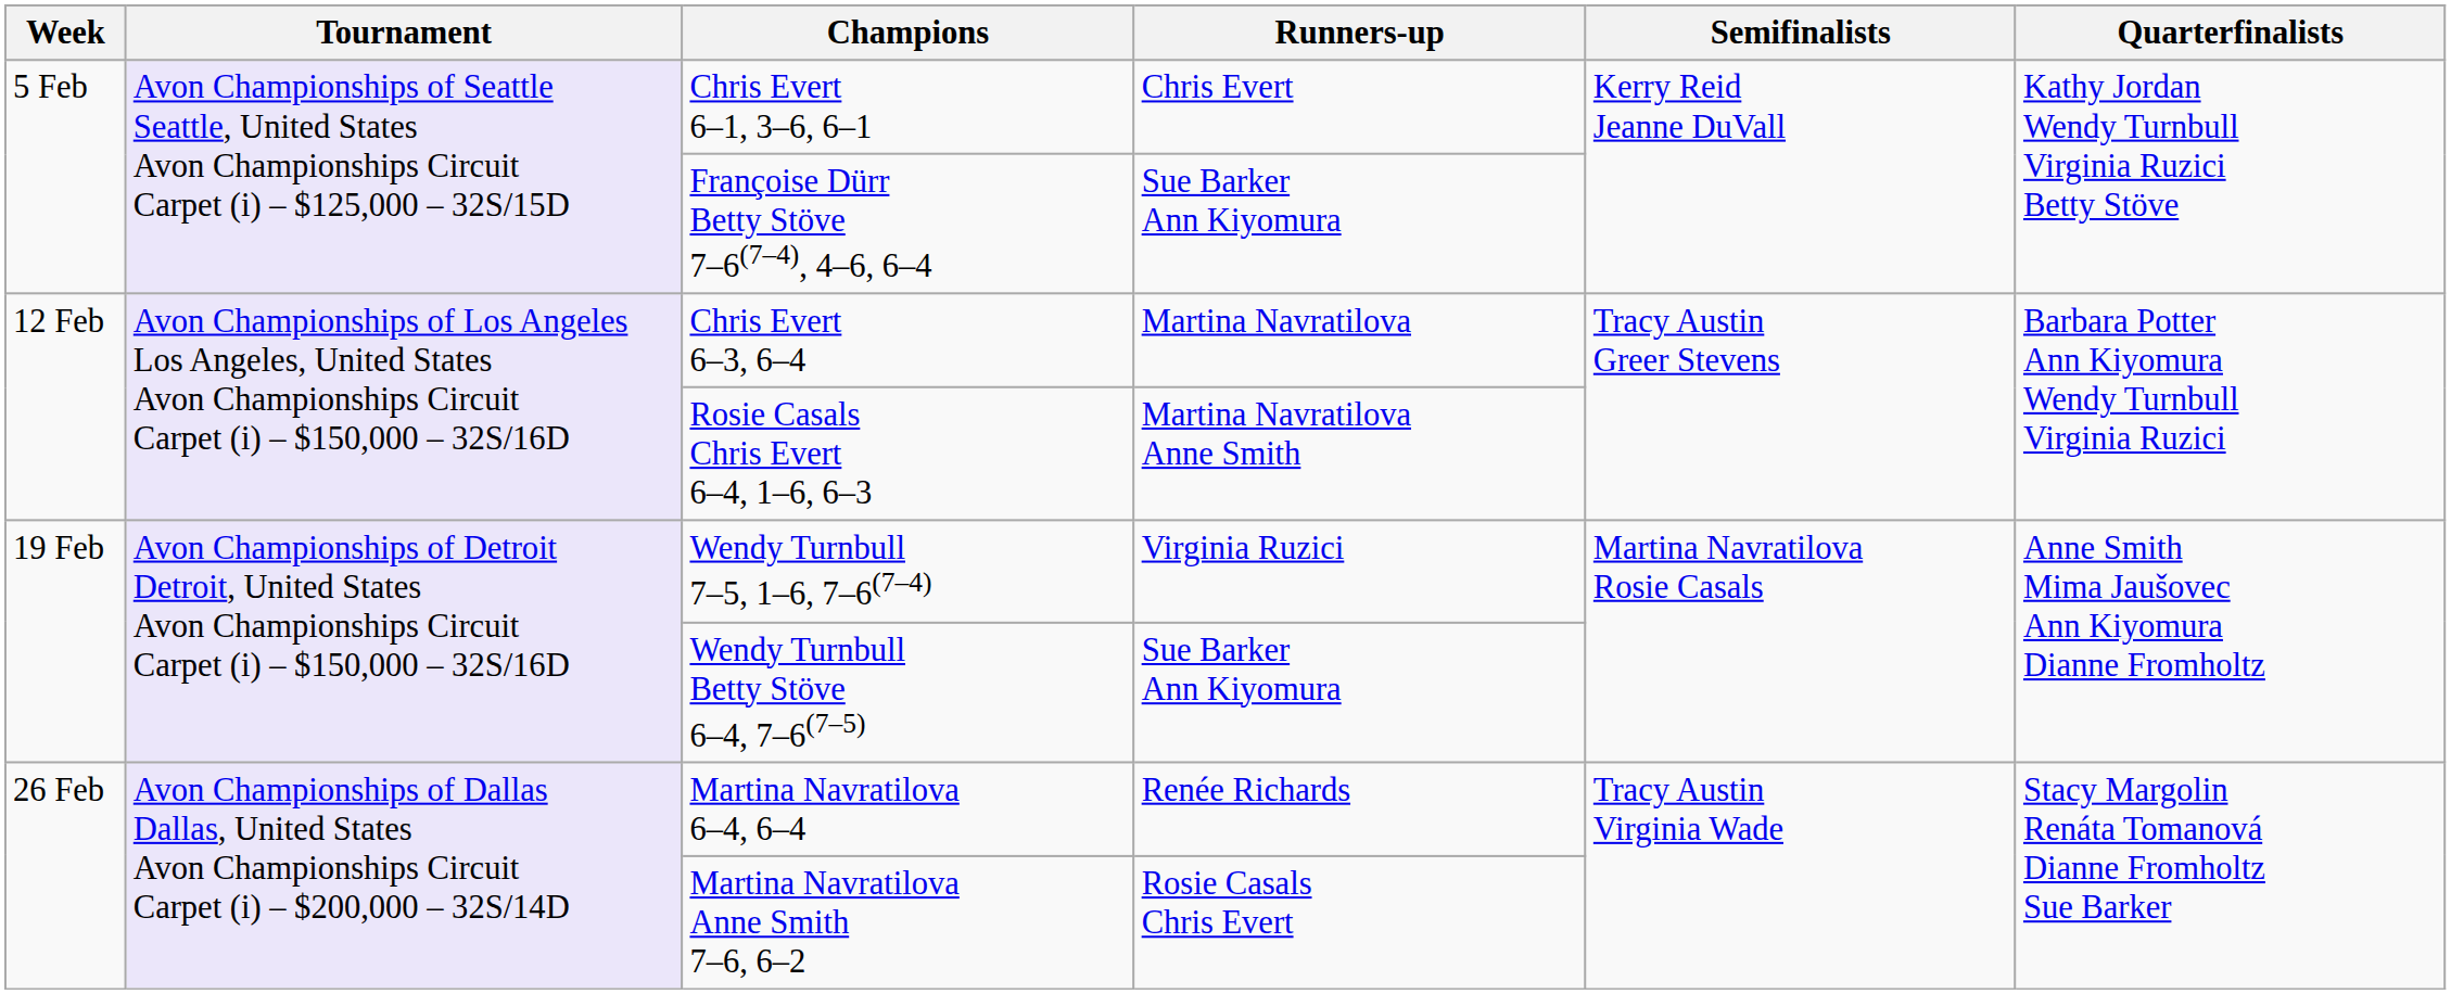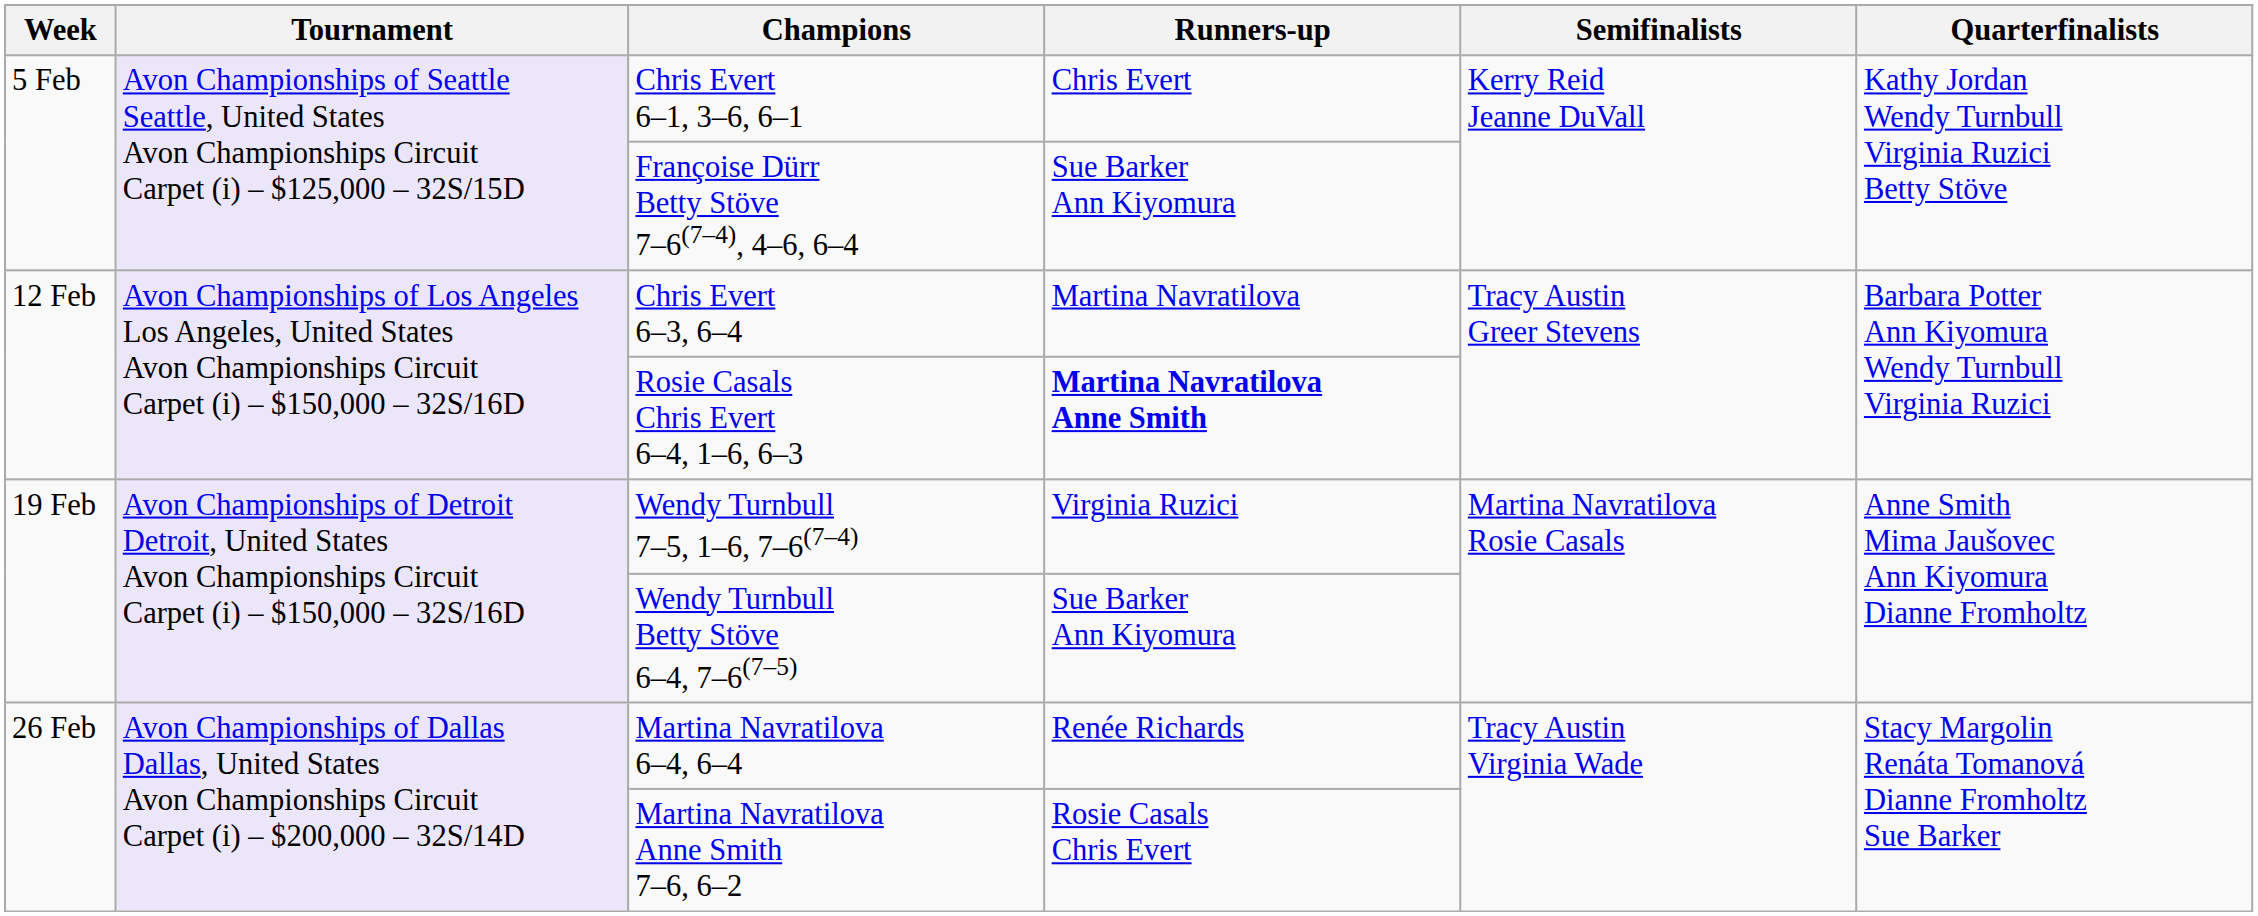 <table class=wikitable style=font-size:95%>
 <tr>
 <th style="width:48px;">Week</th>
 <th style="width:248px;">Tournament</th>
 <th style="width:200px;">Champions</th>
 <th style="width:200px;">Runners-up</th>
 <th style="width:190px;">Semifinalists</th>
 <th style="width:190px;">Quarterfinalists</th>
 </tr>
 <tr valign=top>
 <td rowspan=2>5 Feb</td>
 <td style="background:#ebe6fa;" rowspan="2"><a href='#'>Avon Championships of Seattle</a><br> <a href='#'>Seattle</a>, United States<br>Avon Championships Circuit<br>Carpet (i) – $125,000 – 32S/15D</td>
 <td> <a href='#'>Chris Evert</a><br>6–1, 3–6, 6–1</td>
 <td> <a href='#'>Chris Evert</a></td>
 <td rowspan=2> <a href='#'>Kerry Reid</a> <br>  <a href='#'>Jeanne DuVall</a></td>
 <td rowspan=2> <a href='#'>Kathy Jordan</a> <br>  <a href='#'>Wendy Turnbull</a> <br>  <a href='#'>Virginia Ruzici</a> <br>  <a href='#'>Betty Stöve</a></td>
 </tr>
 <tr valign=top>
 <td> <a href='#'>Françoise Dürr</a><br>  <a href='#'>Betty Stöve</a><br> 7–6<sup>(7–4)</sup>, 4–6, 6–4</td>
 <td> <a href='#'>Sue Barker</a><br>  <a href='#'>Ann Kiyomura</a></td>
 </tr>
 <tr valign=top>
 <td rowspan=2>12 Feb</td>
 <td style="background:#ebe6fa;" rowspan="2"><a href='#'>Avon Championships of Los Angeles</a><br> Los Angeles, United States<br>Avon Championships Circuit<br>Carpet (i) – $150,000 – 32S/16D</td>
 <td> <a href='#'>Chris Evert</a><br>6–3, 6–4</td>
 <td> <a href='#'>Martina Navratilova</a></td>
 <td rowspan=2> <a href='#'>Tracy Austin</a><br> <a href='#'>Greer Stevens</a></td>
 <td rowspan=2> <a href='#'>Barbara Potter</a><br> <a href='#'>Ann Kiyomura</a> <br> <a href='#'>Wendy Turnbull</a><br> <a href='#'>Virginia Ruzici</a></td>
 </tr>
 <tr valign=top>
 <td> <a href='#'>Rosie Casals</a><br>  <a href='#'>Chris Evert</a><br> 6–4, 1–6, 6–3</td>
-<td> <a href='#'>Martina Navratilova</a><br>  <a href='#'>Anne Smith</a></td>
+<td><strong> <a href='#'>Martina Navratilova</a><br>  <a href='#'>Anne Smith</a></strong></td>
 </tr>
 <tr valign=top>
 <td rowspan=2>19 Feb</td>
 <td style="background:#ebe6fa;" rowspan="2"><a href='#'>Avon Championships of Detroit</a><br> <a href='#'>Detroit</a>, United States<br>Avon Championships Circuit<br>Carpet (i) – $150,000 – 32S/16D</td>
 <td> <a href='#'>Wendy Turnbull</a><br>7–5, 1–6, 7–6<sup>(7–4)</sup></td>
 <td> <a href='#'>Virginia Ruzici</a></td>
 <td rowspan=2> <a href='#'>Martina Navratilova</a><br> <a href='#'>Rosie Casals</a></td>
 <td rowspan=2> <a href='#'>Anne Smith</a><br> <a href='#'>Mima Jaušovec</a><br> <a href='#'>Ann Kiyomura</a><br> <a href='#'>Dianne Fromholtz</a></td>
 </tr>
 <tr valign=top>
 <td> <a href='#'>Wendy Turnbull</a><br>  <a href='#'>Betty Stöve</a><br>6–4, 7–6<sup>(7–5)</sup></td>
 <td> <a href='#'>Sue Barker</a><br>  <a href='#'>Ann Kiyomura</a></td>
 </tr>
 <tr valign=top>
 <td rowspan=2>26 Feb</td>
 <td style="background:#ebe6fa;" rowspan="3"><a href='#'>Avon Championships of Dallas</a><br> <a href='#'>Dallas</a>, United States<br>Avon Championships Circuit<br>Carpet (i) – $200,000 – 32S/14D</td>
 <td> <a href='#'>Martina Navratilova</a><br>6–4, 6–4</td>
 <td> <a href='#'>Renée Richards</a></td>
 <td rowspan=2> <a href='#'>Tracy Austin</a><br> <a href='#'>Virginia Wade</a></td>
 <td rowspan=2> <a href='#'>Stacy Margolin</a><br> <a href='#'>Renáta Tomanová</a><br> <a href='#'>Dianne Fromholtz</a><br> <a href='#'>Sue Barker</a></td>
 </tr>
 <tr valign=top>
 <td> <a href='#'>Martina Navratilova</a><br>  <a href='#'>Anne Smith</a><br>7–6, 6–2</td>
 <td> <a href='#'>Rosie Casals</a><br>  <a href='#'>Chris Evert</a></td>
 </tr>
 </table>
